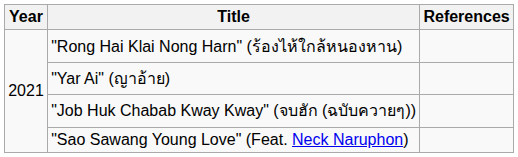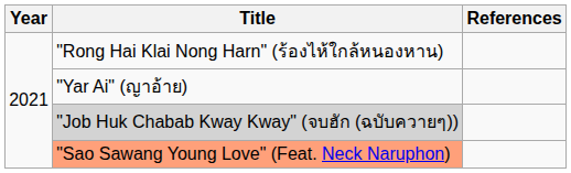 <table class="wikitable">
 <tr>
 <th>Year</th>
 <th>Title</th>
 <th>References</th>
 </tr>
 <tr>
 <td rowspan="4">2021</td>
 <td>"Rong Hai Klai Nong Harn" (ร้องไห้ใกล้หนองหาน)</td>
 <td></td>
 </tr>
 <tr>
 <td>"Yar Ai" (ญาอ้าย)</td>
 <td></td>
 </tr>
 <tr>
-<td>"Job Huk Chabab Kway Kway" (จบฮัก (ฉบับควายๆ))</td>
+<td style="background: lightgrey;">"Job Huk Chabab Kway Kway" (จบฮัก (ฉบับควายๆ))</td>
 <td></td>
 </tr>
 <tr>
-<td>"Sao Sawang Young Love" (Feat. <a href='#'>Neck Naruphon</a>)</td>
+<td style="background: lightsalmon;">"Sao Sawang Young Love" (Feat. <a href='#'>Neck Naruphon</a>)</td>
 <td></td>
 </tr>
 </table>
